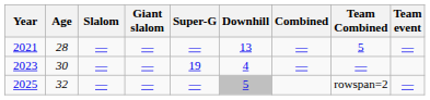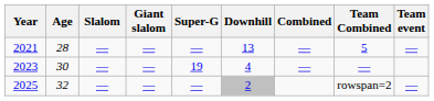 <table class=wikitable style="text-align:center">
 <tr>
 <th>  Year  </th>
 <th> Age </th>
 <th> Slalom </th>
 <th> Giant <br> slalom </th>
 <th>Super-G</th>
 <th>Downhill</th>
 <th>Combined</th>
 <th>Team<br>Combined</th>
 <th>Team<br>event</th>
 </tr>
 <tr>
 <td><a href='#'>2021</a></td>
 <td><em>28</em></td>
 <td><a href='#'>—</a></td>
 <td><a href='#'>—</a></td>
 <td><a href='#'>—</a></td>
 <td><a href='#'>13</a></td>
 <td><a href='#'>—</a></td>
 <td><a href='#'>5</a></td>
 <td><a href='#'>—</a></td>
 </tr>
 <tr>
 <td><a href='#'>2023</a></td>
 <td><em>30</em></td>
 <td><a href='#'>—</a></td>
 <td><a href='#'>—</a></td>
 <td><a href='#'>19</a></td>
 <td><a href='#'>4</a></td>
 <td><a href='#'>—</a></td>
 <td><a href='#'>—</a></td>
 </tr>
 <tr>
 <td><a href='#'>2025</a></td>
 <td><em>32</em></td>
 <td><a href='#'>—</a></td>
 <td><a href='#'>—</a></td>
 <td><a href='#'>—</a></td>
-<td style="background:silver;"><a href='#'>5</a></td>
+<td style="background:silver;"><a href='#'>2</a></td>
 <td></td>
 <td>rowspan=2</td>
 <td><a href='#'>—</a></td>
 </tr>
 </table>
